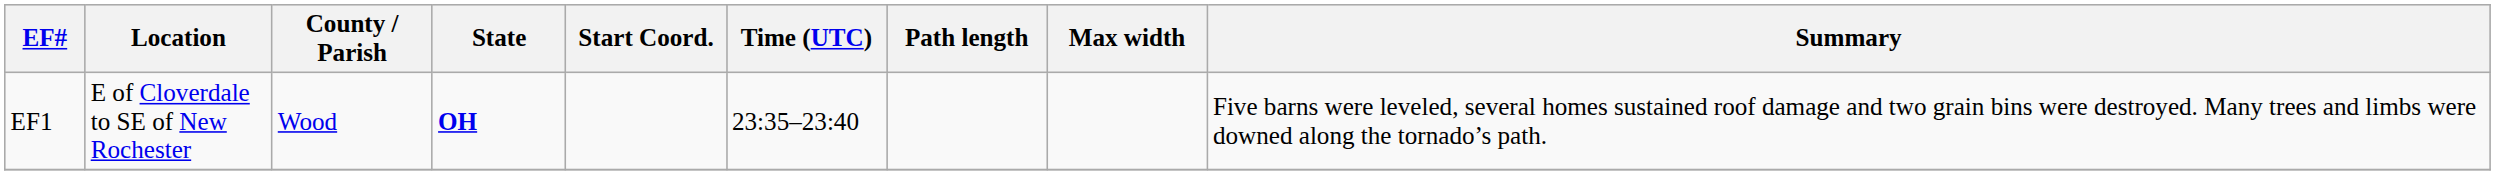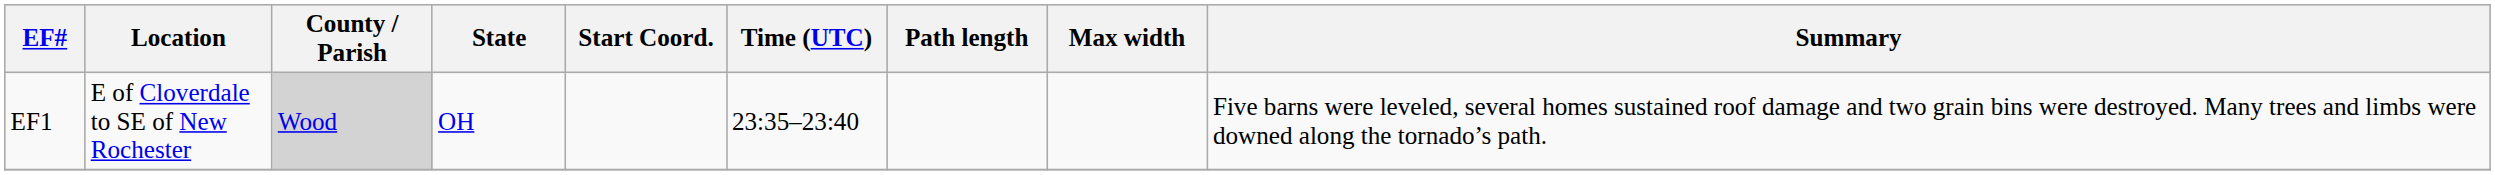 <table class="wikitable sortable" style="width:100%;">
 <tr>
 <th scope="col"  style="width:3%; text-align:center;"><a href='#'>EF#</a></th>
 <th scope="col"  style="width:7%; text-align:center;" class="unsortable">Location</th>
 <th scope="col"  style="width:6%; text-align:center;" class="unsortable">County / Parish</th>
 <th scope="col"  style="width:5%; text-align:center;">State</th>
 <th scope="col"  style="width:6%; text-align:center;">Start Coord.</th>
 <th scope="col"  style="width:6%; text-align:center;">Time (<a href='#'>UTC</a>)</th>
 <th scope="col"  style="width:6%; text-align:center;">Path length</th>
 <th scope="col"  style="width:6%; text-align:center;">Max width</th>
 <th scope="col" class="unsortable" style="width:48%; text-align:center;">Summary</th>
 </tr>
 <tr>
 <td>EF1</td>
 <td>E of <a href='#'>Cloverdale</a> to SE of <a href='#'>New Rochester</a></td>
-<td><a href='#'>Wood</a></td>
-<td><strong><a href='#'>OH</a></strong></td>
+<td style="background: lightgrey;"><a href='#'>Wood</a></td>
+<td><a href='#'>OH</a></td>
 <td></td>
 <td>23:35–23:40</td>
 <td></td>
 <td></td>
 <td>Five barns were leveled, several homes sustained roof damage and two grain bins were destroyed. Many trees and limbs were downed along the tornado’s path.</td>
 </tr>
 <tr>
 </tr>
 </table>
